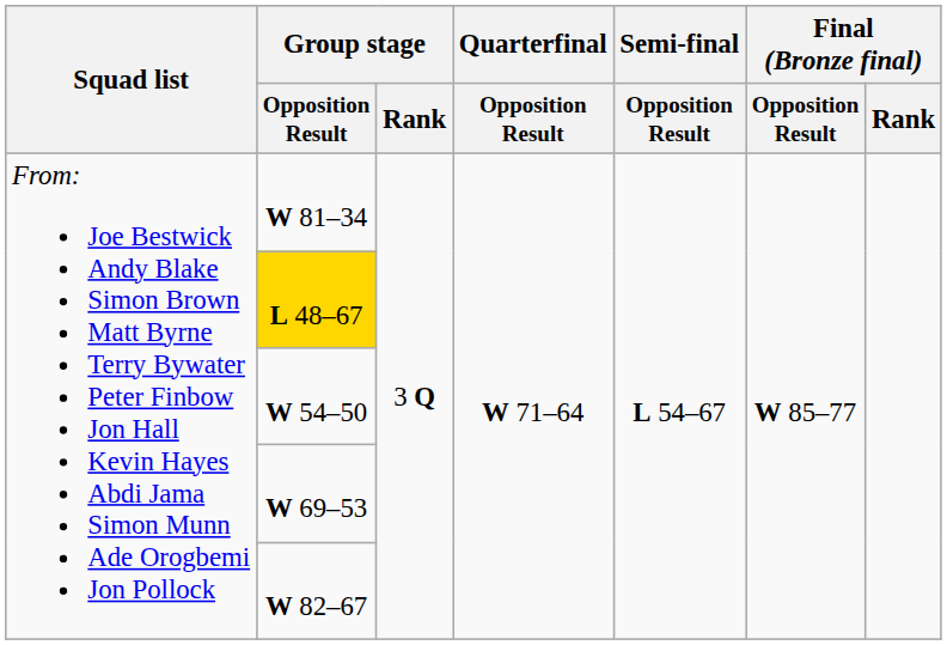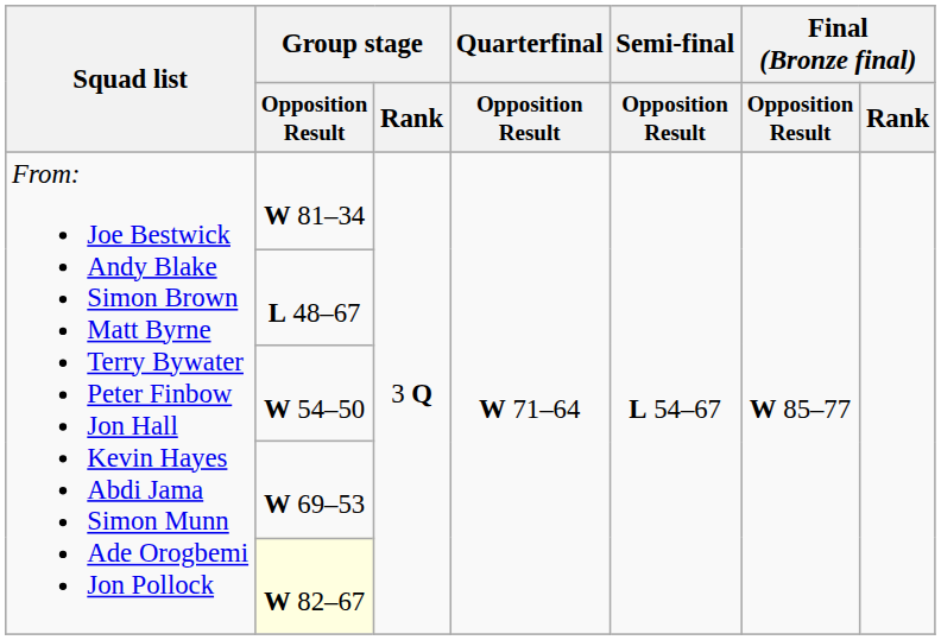 <table class=wikitable style="font-size:90%">
 <tr>
 <th rowspan="2">Squad list</th>
 <th colspan="2">Group stage</th>
 <th>Quarterfinal</th>
 <th>Semi-final<br></th>
 <th colspan="2">Final<br><em>(Bronze final)</em></th>
 </tr>
 <tr>
 <th style="line-height:1em"><small>Opposition<br>Result</small></th>
 <th>Rank</th>
 <th style="line-height:1em"><small>Opposition<br>Result</small></th>
 <th style="line-height:1em"><small>Opposition<br>Result</small></th>
 <th style="line-height:1em"><small>Opposition<br>Result</small></th>
 <th>Rank</th>
 </tr>
 <tr>
 <td rowspan="5"><em>From:</em><br><ul><li><a href='#'>Joe Bestwick</a></li><li><a href='#'>Andy Blake</a></li><li><a href='#'>Simon Brown</a></li><li><a href='#'>Matt Byrne</a></li><li><a href='#'>Terry Bywater</a></li><li><a href='#'>Peter Finbow</a></li><li><a href='#'>Jon Hall</a></li><li><a href='#'>Kevin Hayes</a></li><li><a href='#'>Abdi Jama</a></li><li><a href='#'>Simon Munn</a></li><li><a href='#'>Ade Orogbemi</a></li><li><a href='#'>Jon Pollock</a></li></ul></td>
 <td align="center"><br> <strong>W</strong> 81–34</td>
 <td rowspan="5" align="center">3 <strong>Q</strong></td>
 <td rowspan="5" align="center"><br> <strong>W</strong> 71–64</td>
 <td rowspan="5" align="center"><br> <strong>L</strong> 54–67</td>
 <td rowspan="5" align="center"><em></em><br> <strong>W</strong> 85–77</td>
 <td rowspan="5" align="center"></td>
 </tr>
 <tr>
-<td align="center" style="background: gold;"><br> <strong>L</strong> 48–67</td>
+<td align="center"><br> <strong>L</strong> 48–67</td>
 </tr>
 <tr>
 <td align="center"><br> <strong>W</strong> 54–50</td>
 </tr>
 <tr>
 <td align="center"><br> <strong>W</strong> 69–53</td>
 </tr>
 <tr>
-<td align="center"><br> <strong>W</strong> 82–67</td>
+<td align="center" style="background: lightyellow;"><br> <strong>W</strong> 82–67</td>
 </tr>
 </table>
